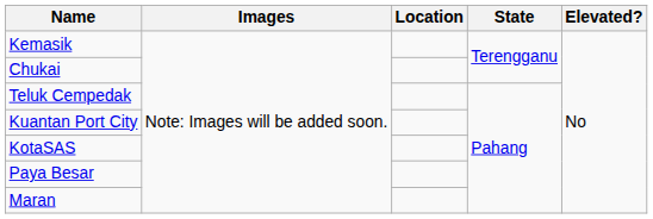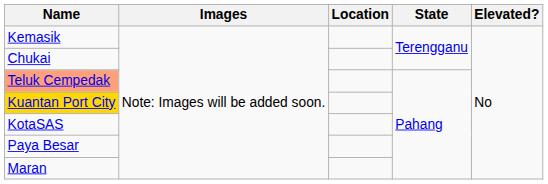 <table class="wikitable">
 <tr>
 <th>Name</th>
 <th>Images</th>
 <th>Location</th>
 <th>State</th>
 <th>Elevated?</th>
 </tr>
 <tr>
 <td><a href='#'>Kemasik</a></td>
 <td rowspan="7">Note: Images will be added soon.</td>
 <td></td>
 <td rowspan="2"><a href='#'>Terengganu</a></td>
 <td rowspan="7">No</td>
 </tr>
 <tr>
 <td><a href='#'>Chukai</a></td>
 <td></td>
 </tr>
 <tr>
-<td><a href='#'>Teluk Cempedak</a></td>
+<td style="background: lightsalmon;"><a href='#'>Teluk Cempedak</a></td>
 <td></td>
 <td rowspan="5"><a href='#'>Pahang</a></td>
 </tr>
 <tr>
-<td><a href='#'>Kuantan Port City</a></td>
+<td style="background: gold;"><a href='#'>Kuantan Port City</a></td>
 <td></td>
 </tr>
 <tr>
 <td><a href='#'>KotaSAS</a></td>
 <td></td>
 </tr>
 <tr>
 <td><a href='#'>Paya Besar</a></td>
 <td></td>
 </tr>
 <tr>
 <td><a href='#'>Maran</a></td>
 <td></td>
 </tr>
 </table>
